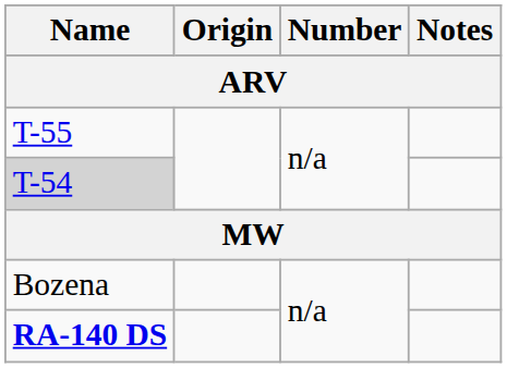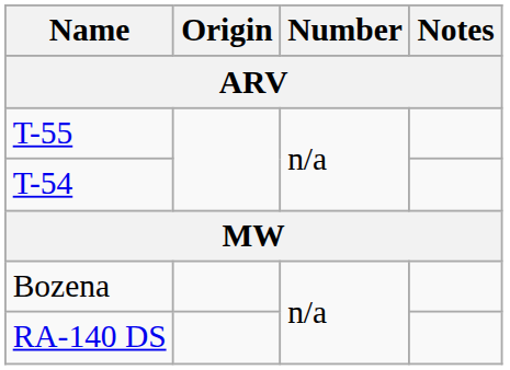 <table class="wikitable">
 <tr>
 <th>Name</th>
 <th>Origin</th>
 <th>Number</th>
 <th>Notes</th>
 </tr>
 <tr>
 <th colspan="4">ARV</th>
 </tr>
 <tr>
 <td><a href='#'>T-55</a></td>
 <td rowspan="2"></td>
 <td rowspan="2">n/a</td>
 <td></td>
 </tr>
 <tr>
-<td style="background: lightgrey;"><a href='#'>T-54</a></td>
+<td><a href='#'>T-54</a></td>
 <td></td>
 </tr>
 <tr>
 <th colspan="4">MW</th>
 </tr>
 <tr>
 <td>Bozena</td>
 <td></td>
 <td rowspan="2">n/a</td>
 <td></td>
 </tr>
 <tr>
-<td><strong><a href='#'>RA-140 DS</a></strong></td>
+<td><a href='#'>RA-140 DS</a></td>
 <td></td>
 <td></td>
 </tr>
 </table>
